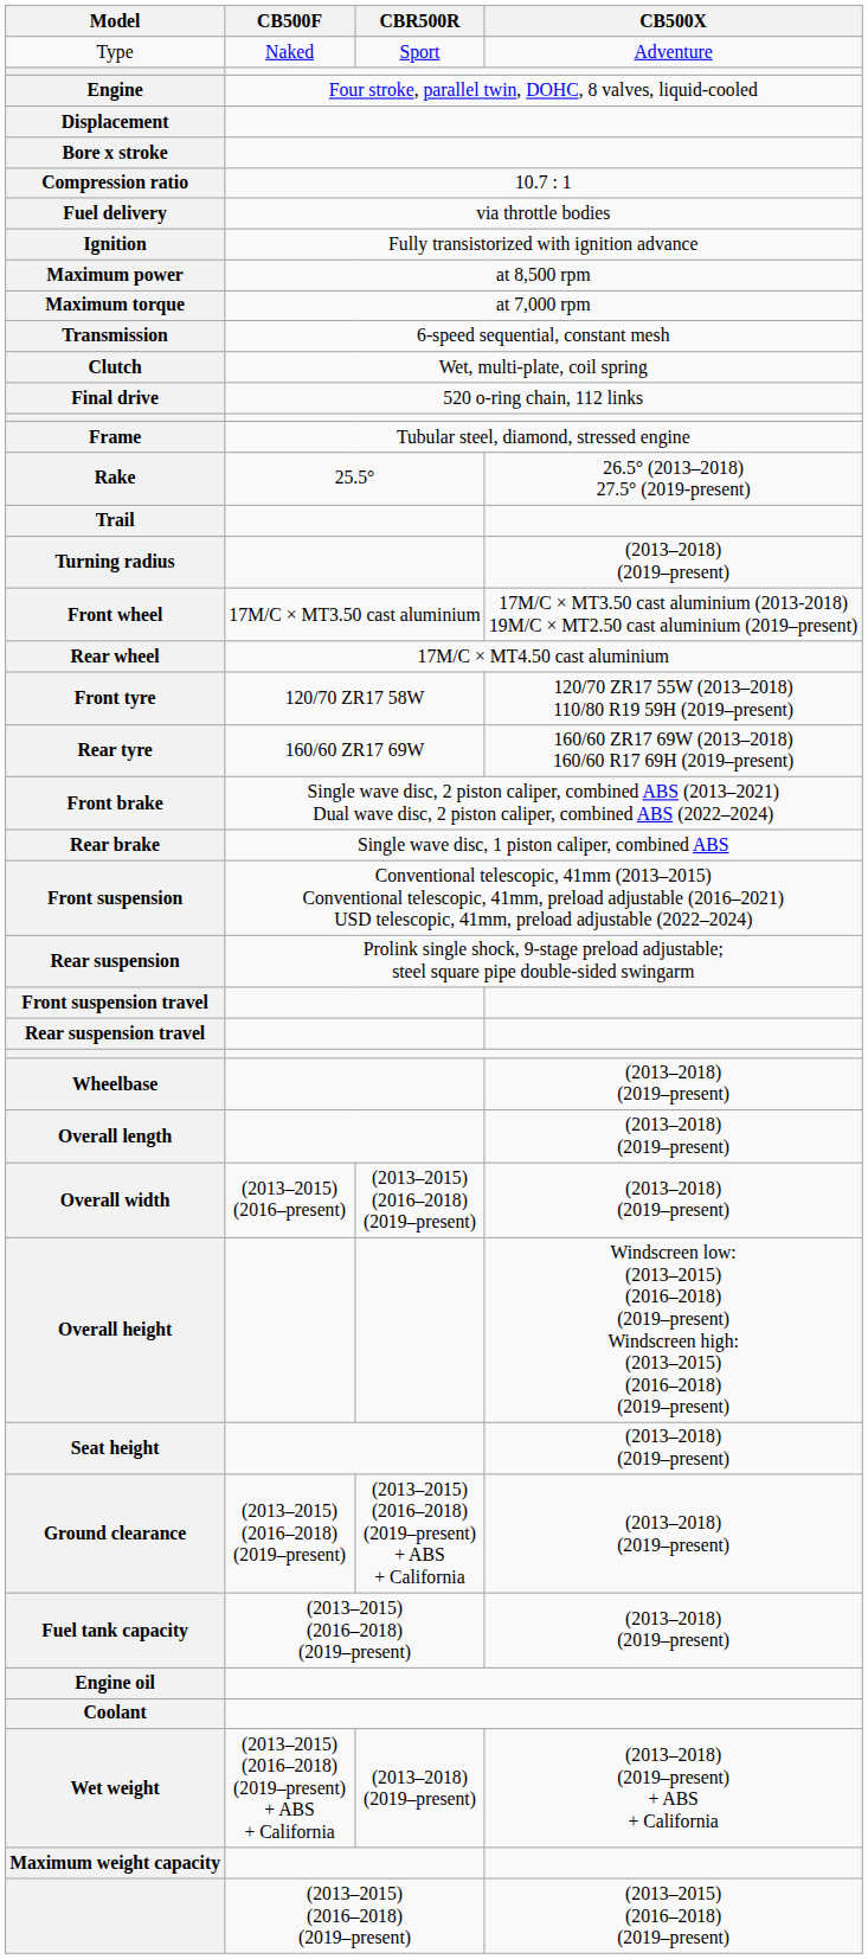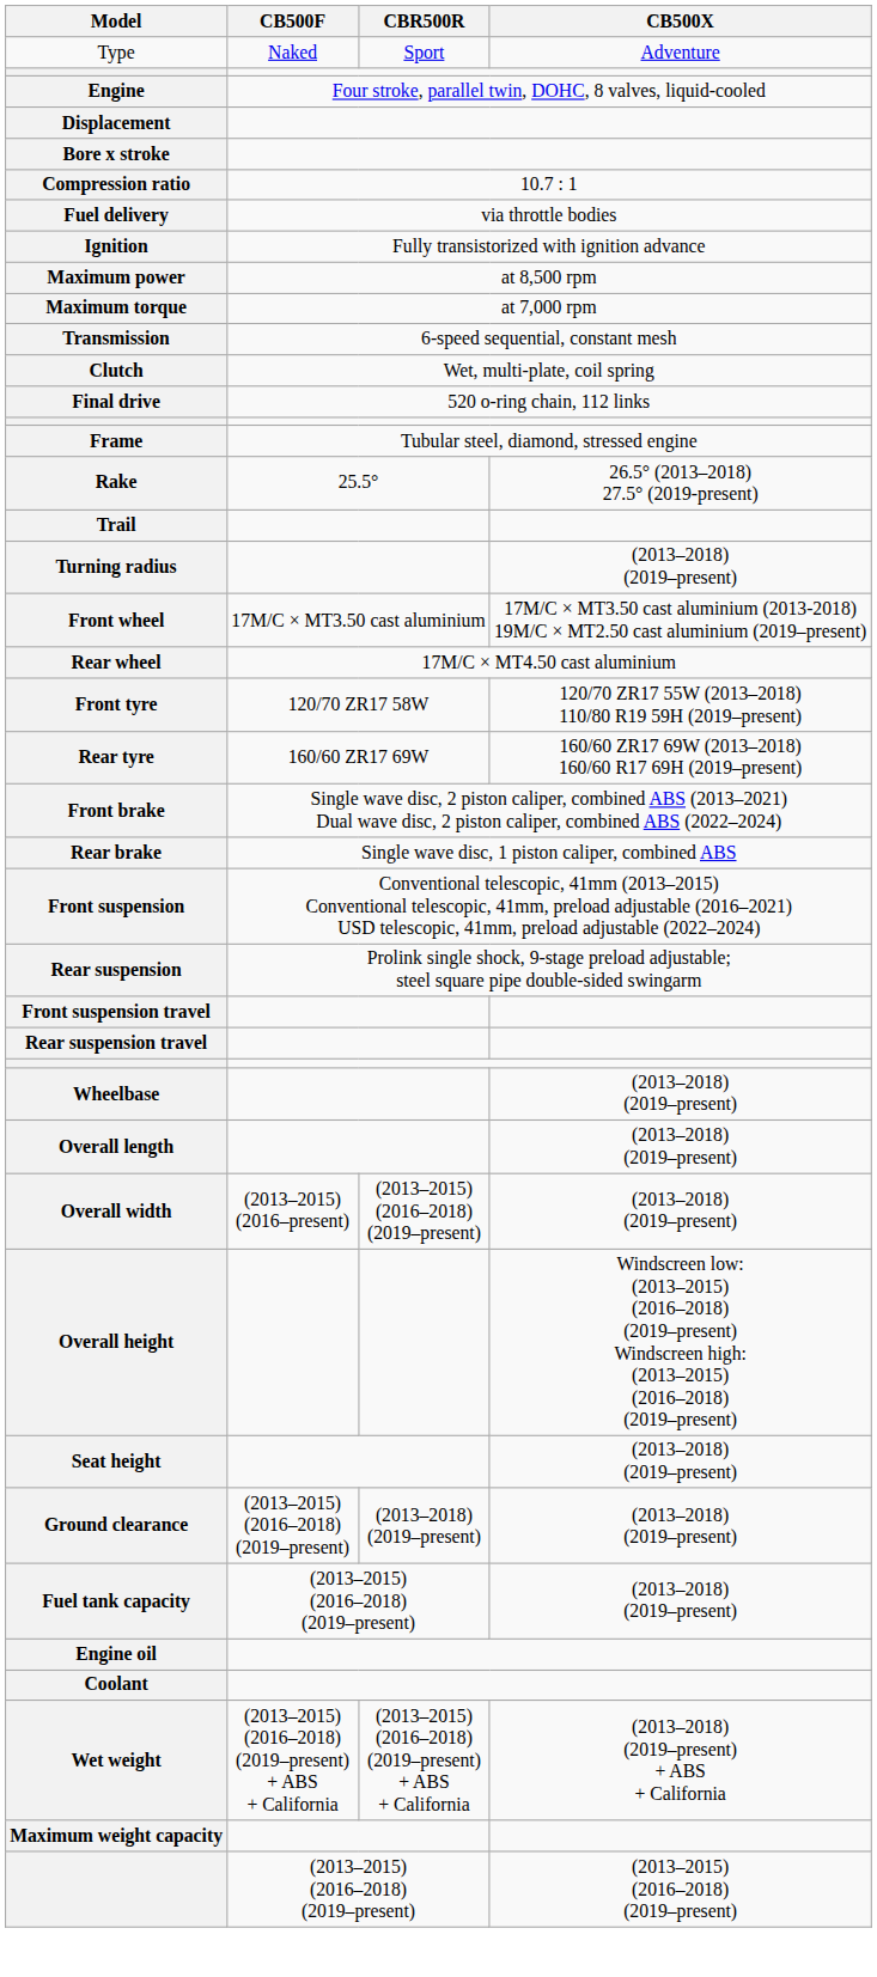 <table class="wikitable" style="text-align:center; font-size:90%;">
 <tr>
 <th>Model</th>
 <th>CB500F</th>
 <th>CBR500R</th>
 <th>CB500X</th>
 </tr>
 <tr>
 <td>Type</td>
 <td><a href='#'>Naked</a></td>
 <td><a href='#'>Sport</a></td>
 <td><a href='#'>Adventure</a></td>
 </tr>
 <tr>
 <th></th>
 </tr>
 <tr>
 <th>Engine</th>
 <td colspan="3"><a href='#'>Four stroke</a>, <a href='#'>parallel twin</a>, <a href='#'>DOHC</a>, 8 valves, liquid-cooled</td>
 </tr>
 <tr>
 <th>Displacement</th>
 <td colspan="3"></td>
 </tr>
 <tr>
 <th>Bore x stroke</th>
 <td colspan="3"></td>
 </tr>
 <tr>
 <th>Compression ratio</th>
 <td colspan="3">10.7 : 1</td>
 </tr>
 <tr>
 <th>Fuel delivery</th>
 <td colspan="3"> via  throttle bodies</td>
 </tr>
 <tr>
 <th>Ignition</th>
 <td colspan="3">Fully transistorized with ignition advance</td>
 </tr>
 <tr>
 <th>Maximum power</th>
 <td colspan="3"> at 8,500 rpm</td>
 </tr>
 <tr>
 <th>Maximum torque</th>
 <td colspan="3"> at 7,000 rpm</td>
 </tr>
 <tr>
 <th>Transmission</th>
 <td colspan="3">6-speed sequential, constant mesh</td>
 </tr>
 <tr>
 <th>Clutch</th>
 <td colspan="3">Wet, multi-plate, coil spring</td>
 </tr>
 <tr>
 <th>Final drive</th>
 <td colspan="3">520 o-ring chain, 112 links</td>
 </tr>
 <tr>
 <th></th>
 </tr>
 <tr>
 <th>Frame</th>
 <td colspan="3">Tubular steel, diamond, stressed engine</td>
 </tr>
 <tr>
 <th>Rake</th>
 <td colspan="2">25.5°</td>
 <td>26.5° (2013–2018)<br>27.5° (2019-present)</td>
 </tr>
 <tr>
 <th>Trail</th>
 <td colspan="2"></td>
 <td></td>
 </tr>
 <tr>
 <th>Turning radius</th>
 <td colspan="2"></td>
 <td> (2013–2018)<br> (2019–present)</td>
 </tr>
 <tr>
 <th>Front wheel</th>
 <td colspan="2">17M/C × MT3.50 cast aluminium</td>
 <td>17M/C × MT3.50 cast aluminium (2013-2018)<br>19M/C × MT2.50 cast aluminium (2019–present)</td>
 </tr>
 <tr>
 <th>Rear wheel</th>
 <td colspan="3">17M/C × MT4.50 cast aluminium</td>
 </tr>
 <tr>
 <th>Front tyre</th>
 <td colspan="2">120/70 ZR17 58W</td>
 <td>120/70 ZR17 55W (2013–2018)<br>110/80 R19 59H (2019–present)</td>
 </tr>
 <tr>
 <th>Rear tyre</th>
 <td colspan="2">160/60 ZR17 69W</td>
 <td>160/60 ZR17 69W (2013–2018)<br>160/60 R17 69H (2019–present)</td>
 </tr>
 <tr>
 <th>Front brake</th>
 <td colspan="3">Single  wave disc, 2 piston caliper, combined <a href='#'>ABS</a> (2013–2021)<br>Dual  wave disc, 2 piston caliper, combined <a href='#'>ABS</a> (2022–2024)</td>
 </tr>
 <tr>
 <th>Rear brake</th>
 <td colspan="3">Single  wave disc, 1 piston caliper, combined <a href='#'>ABS</a></td>
 </tr>
 <tr>
 <th>Front suspension</th>
 <td colspan="3">Conventional telescopic, 41mm (2013–2015)<br>Conventional telescopic, 41mm, preload adjustable (2016–2021)<br>USD telescopic, 41mm, preload adjustable (2022–2024)</td>
 </tr>
 <tr>
 <th>Rear suspension</th>
 <td colspan="3">Prolink single shock, 9-stage preload adjustable;<br>steel square pipe double-sided swingarm</td>
 </tr>
 <tr>
 <th>Front suspension travel</th>
 <td colspan="2"></td>
 <td></td>
 </tr>
 <tr>
 <th>Rear suspension travel</th>
 <td colspan="2"></td>
 <td></td>
 </tr>
 <tr>
 <th></th>
 </tr>
 <tr>
 <th>Wheelbase</th>
 <td colspan="2"></td>
 <td> (2013–2018)<br> (2019–present)</td>
 </tr>
 <tr>
 <th>Overall length</th>
 <td colspan="2"></td>
 <td> (2013–2018)<br> (2019–present)</td>
 </tr>
 <tr>
 <th>Overall width</th>
 <td> (2013–2015)<br> (2016–present)</td>
 <td> (2013–2015)<br> (2016–2018)<br> (2019–present)</td>
 <td> (2013–2018)<br> (2019–present)</td>
 </tr>
 <tr>
 <th>Overall height</th>
 <td></td>
 <td></td>
 <td>Windscreen low:<br> (2013–2015)<br> (2016–2018)<br> (2019–present)<br>Windscreen high:<br> (2013–2015)<br> (2016–2018)<br> (2019–present)</td>
 </tr>
 <tr>
 <th>Seat height</th>
 <td colspan="2"></td>
 <td> (2013–2018)<br> (2019–present)</td>
 </tr>
 <tr>
 <th>Ground clearance</th>
 <td> (2013–2015)<br> (2016–2018)<br> (2019–present)</td>
-<td> (2013–2015)<br> (2016–2018)<br> (2019–present)<br>+ ABS<br>+ California</td>
+<td> (2013–2018)<br> (2019–present)</td>
 <td> (2013–2018)<br> (2019–present)</td>
 </tr>
 <tr>
 <th>Fuel tank capacity</th>
 <td colspan="2"> (2013–2015)<br> (2016–2018)<br> (2019–present)</td>
 <td> (2013–2018)<br> (2019–present)</td>
 </tr>
 <tr>
 <th>Engine oil</th>
 <td colspan="3"></td>
 </tr>
 <tr>
 <th>Coolant</th>
 <td colspan="3"></td>
 </tr>
 <tr>
 <th>Wet weight</th>
 <td> (2013–2015)<br> (2016–2018)<br> (2019–present)<br>+ ABS<br>+ California</td>
-<td> (2013–2018)<br> (2019–present)</td>
+<td> (2013–2015)<br> (2016–2018)<br> (2019–present)<br>+ ABS<br>+ California</td>
 <td> (2013–2018)<br> (2019–present)<br>+ ABS<br>+ California</td>
 </tr>
 <tr>
 <th>Maximum weight capacity</th>
 <td colspan="2"></td>
 <td></td>
 </tr>
 <tr>
 <th></th>
 <td colspan="2"> (2013–2015)<br> (2016–2018)<br> (2019–present)</td>
 <td> (2013–2015)<br> (2016–2018)<br> (2019–present)</td>
 </tr>
 </table>
